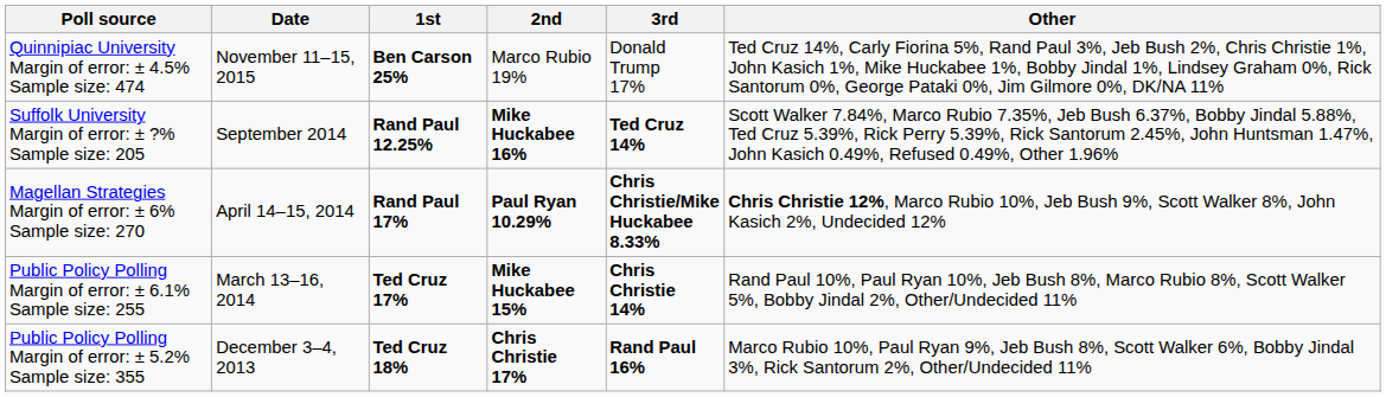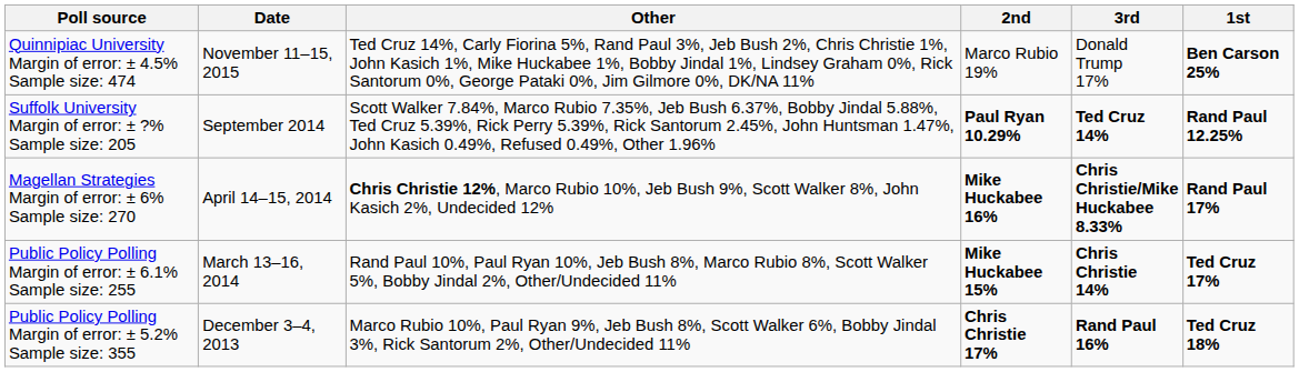 <table class="wikitable">
 <tr>
 <th style="width:180px;">Poll source</th>
 <th style="width:135px;">Date</th>
-<th style="width:100px;">1st</th>
+<th>Other</th>
 <th style="width:100px;">2nd</th>
 <th style="width:100px;">3rd</th>
-<th>Other</th>
+<th style="width:100px;">1st</th>
 </tr>
 <tr>
 <td><a href='#'>Quinnipiac University</a><br>Margin of error: ± 4.5% <br>Sample size: 474</td>
 <td>November 11–15, 2015</td>
-<td><strong>Ben Carson<br>25%</strong></td>
+<td>Ted Cruz 14%, Carly Fiorina 5%, Rand Paul 3%, Jeb Bush 2%, Chris Christie 1%, John Kasich 1%, Mike Huckabee 1%, Bobby Jindal 1%, Lindsey Graham 0%, Rick Santorum 0%, George Pataki 0%, Jim Gilmore 0%, DK/NA 11%</td>
 <td>Marco Rubio<br>19%</td>
 <td>Donald Trump<br>17%</td>
-<td>Ted Cruz 14%, Carly Fiorina 5%, Rand Paul 3%, Jeb Bush 2%, Chris Christie 1%, John Kasich 1%, Mike Huckabee 1%, Bobby Jindal 1%, Lindsey Graham 0%, Rick Santorum 0%, George Pataki 0%, Jim Gilmore 0%, DK/NA 11%</td>
+<td><strong>Ben Carson<br>25%</strong></td>
 </tr>
 <tr>
 <td><a href='#'>Suffolk University</a><br>Margin of error: ± ?% <br>Sample size: 205</td>
 <td>September 2014</td>
+<td>Scott Walker 7.84%, Marco Rubio 7.35%, Jeb Bush 6.37%, Bobby Jindal 5.88%, Ted Cruz 5.39%, Rick Perry 5.39%, Rick Santorum 2.45%, John Huntsman 1.47%, John Kasich 0.49%, Refused 0.49%, Other 1.96%</td>
+<td><strong>Paul Ryan<br>10.29%</strong></td>
+<td><strong>Ted Cruz<br>14%</strong></td>
 <td><strong>Rand Paul<br>12.25%</strong></td>
-<td><strong>Mike Huckabee<br>16%</strong></td>
-<td><strong>Ted Cruz<br>14%</strong></td>
-<td>Scott Walker 7.84%, Marco Rubio 7.35%, Jeb Bush 6.37%, Bobby Jindal 5.88%, Ted Cruz 5.39%, Rick Perry 5.39%, Rick Santorum 2.45%, John Huntsman 1.47%, John Kasich 0.49%, Refused 0.49%, Other 1.96%</td>
 </tr>
 <tr>
 <td><a href='#'>Magellan Strategies</a><br>Margin of error: ± 6% <br>Sample size: 270</td>
 <td>April 14–15, 2014</td>
+<td><span><strong>Chris Christie 12%</strong></span>, Marco Rubio 10%, Jeb Bush 9%, Scott Walker 8%, John Kasich 2%, Undecided 12%</td>
+<td><strong>Mike Huckabee<br>16%</strong></td>
+<td><strong>Chris Christie/Mike Huckabee<br>8.33%</strong></td>
 <td><strong>Rand Paul<br>17%</strong></td>
-<td><strong>Paul Ryan<br>10.29%</strong></td>
-<td><strong>Chris Christie/Mike Huckabee<br>8.33%</strong></td>
-<td><span><strong>Chris Christie 12%</strong></span>, Marco Rubio 10%, Jeb Bush 9%, Scott Walker 8%, John Kasich 2%, Undecided 12%</td>
 </tr>
 <tr>
 <td><a href='#'>Public Policy Polling</a><br>Margin of error: ± 6.1% <br>Sample size: 255</td>
 <td>March 13–16, 2014</td>
-<td><strong>Ted Cruz<br>17%</strong></td>
+<td>Rand Paul 10%, Paul Ryan 10%, Jeb Bush 8%, Marco Rubio 8%, Scott Walker 5%, Bobby Jindal 2%, Other/Undecided 11%</td>
 <td><strong>Mike Huckabee<br>15%</strong></td>
 <td><strong>Chris Christie<br>14%</strong></td>
-<td>Rand Paul 10%, Paul Ryan 10%, Jeb Bush 8%, Marco Rubio 8%, Scott Walker 5%, Bobby Jindal 2%, Other/Undecided 11%</td>
+<td><strong>Ted Cruz<br>17%</strong></td>
 </tr>
 <tr>
 <td><a href='#'>Public Policy Polling</a><br>Margin of error: ± 5.2% <br>Sample size: 355</td>
 <td>December 3–4, 2013</td>
-<td><strong>Ted Cruz<br>18%</strong></td>
+<td>Marco Rubio 10%, Paul Ryan 9%, Jeb Bush 8%, Scott Walker 6%, Bobby Jindal 3%, Rick Santorum 2%, Other/Undecided 11%</td>
 <td><strong>Chris Christie<br>17%</strong></td>
 <td><strong>Rand Paul<br>16%</strong></td>
-<td>Marco Rubio 10%, Paul Ryan 9%, Jeb Bush 8%, Scott Walker 6%, Bobby Jindal 3%, Rick Santorum 2%, Other/Undecided 11%</td>
+<td><strong>Ted Cruz<br>18%</strong></td>
 </tr>
 </table>
